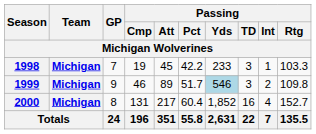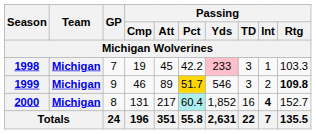 <table class="wikitable" style="text-align:center;">
 <tr>
 <th rowspan="2">Season</th>
 <th rowspan="2">Team</th>
 <th rowspan="2">GP</th>
 <th colspan="7">Passing</th>
 </tr>
 <tr>
 <th>Cmp</th>
 <th>Att</th>
 <th>Pct</th>
 <th>Yds</th>
 <th>TD</th>
 <th>Int</th>
 <th>Rtg</th>
 </tr>
 <tr>
 <th colspan="13">Michigan Wolverines</th>
 </tr>
 <tr>
 <th><a href='#'>1998</a></th>
 <th><a href='#'>Michigan</a></th>
 <td>7</td>
 <td>19</td>
 <td>45</td>
 <td>42.2</td>
-<td>233</td>
+<td style="background: pink;">233</td>
 <td>3</td>
 <td>1</td>
 <td>103.3</td>
 </tr>
 <tr>
 <th><a href='#'>1999</a></th>
 <th><a href='#'>Michigan</a></th>
 <td>9</td>
 <td>46</td>
 <td>89</td>
-<td>51.7</td>
-<td style="background: lightblue;">546</td>
+<td style="background: gold;">51.7</td>
+<td>546</td>
 <td>3</td>
 <td>2</td>
-<td>109.8</td>
+<td><strong>109.8</strong></td>
 </tr>
 <tr>
 <th><a href='#'>2000</a></th>
 <th><a href='#'>Michigan</a></th>
 <td>8</td>
 <td>131</td>
 <td>217</td>
-<td>60.4</td>
+<td style="background: paleturquoise;">60.4</td>
 <td>1,852</td>
 <td>16</td>
-<td>4</td>
+<td><strong>4</strong></td>
 <td>152.7</td>
 </tr>
 <tr>
 <th colspan="2">Totals</th>
 <th>24</th>
 <th>196</th>
 <th>351</th>
 <th>55.8</th>
 <th>2,631</th>
 <th>22</th>
 <th>7</th>
 <th>135.5</th>
 </tr>
 </table>
